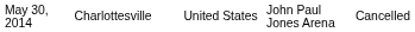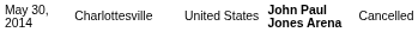 <table cellpadding="2" style="border: 0px solid darkgray; font-size:90%">
 <tr>
 <th width="150"></th>
 <th width="175"></th>
 <th width="175"></th>
 <th width="200"></th>
 <th width="450"></th>
 </tr>
 <tr border="0">
 <td>May 30, 2014</td>
 <td>Charlottesville</td>
 <td>United States</td>
-<td>John Paul Jones Arena</td>
+<td><strong>John Paul Jones Arena</strong></td>
 <td>Cancelled</td>
 </tr>
 </table>
